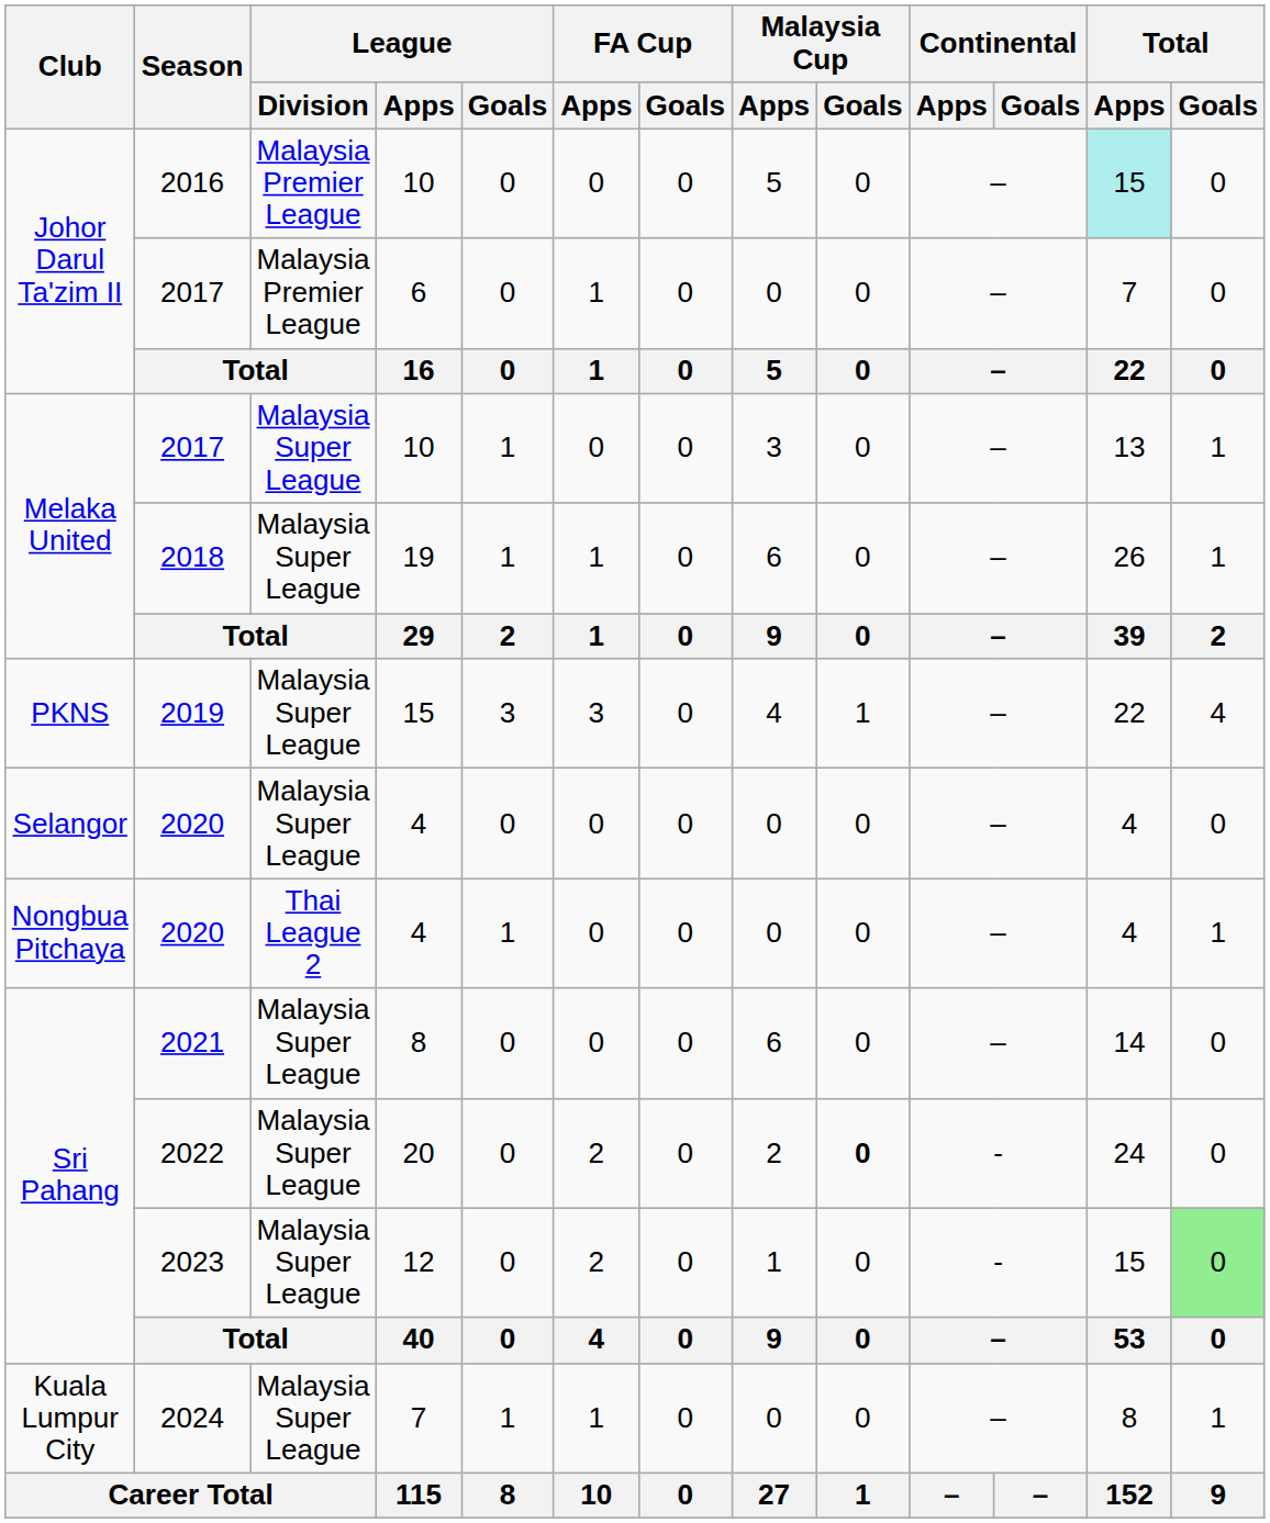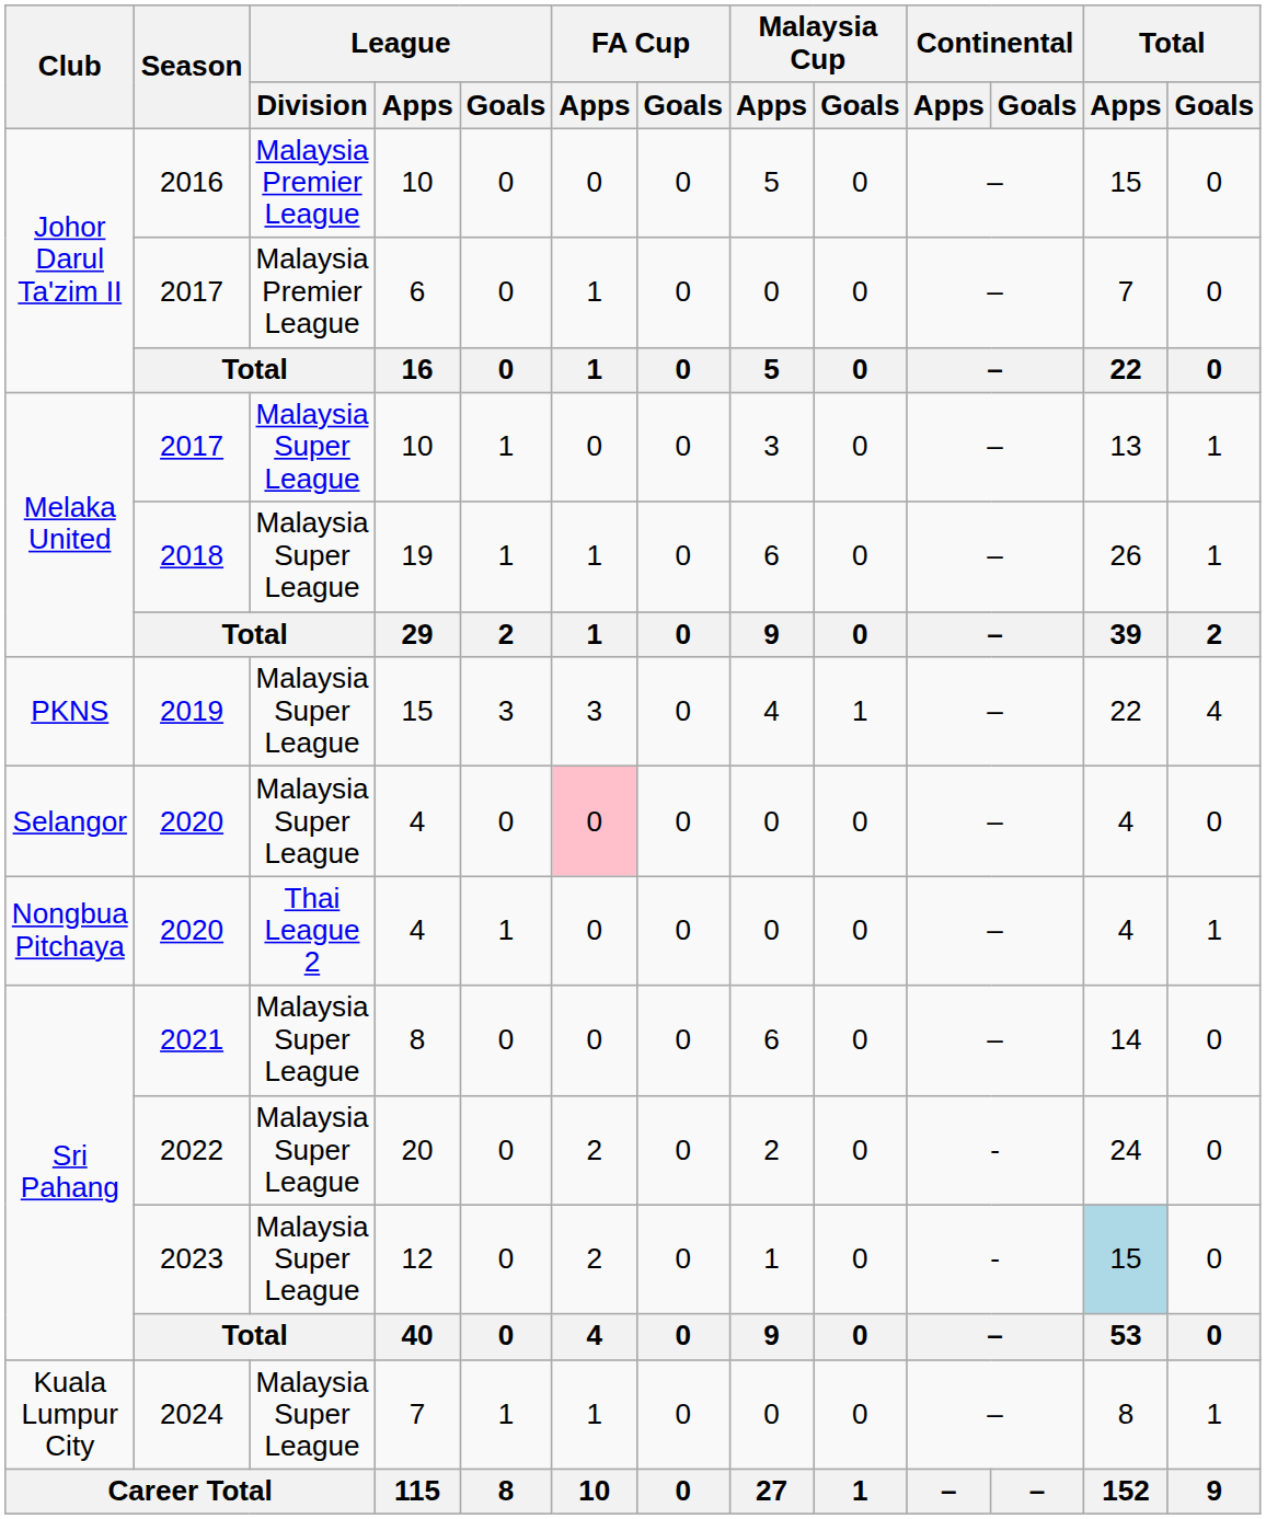 <table class=wikitable style="text-align:center">
 <tr>
 <th rowspan=2>Club</th>
 <th rowspan=2>Season</th>
 <th colspan=3>League</th>
 <th colspan=2>FA Cup</th>
 <th colspan=2>Malaysia Cup</th>
 <th colspan=2>Continental</th>
 <th colspan=2>Total</th>
 </tr>
 <tr>
 <th>Division</th>
 <th>Apps</th>
 <th>Goals</th>
 <th>Apps</th>
 <th>Goals</th>
 <th>Apps</th>
 <th>Goals</th>
 <th>Apps</th>
 <th>Goals</th>
 <th>Apps</th>
 <th>Goals</th>
 </tr>
 <tr>
 <td rowspan=3><a href='#'>Johor Darul Ta'zim II</a></td>
 <td>2016</td>
 <td><a href='#'>Malaysia Premier League</a></td>
 <td>10</td>
 <td>0</td>
 <td>0</td>
 <td>0</td>
 <td>5</td>
 <td>0</td>
 <td colspan=2>–</td>
-<td style="background: paleturquoise;">15</td>
+<td>15</td>
 <td>0</td>
 </tr>
 <tr>
 <td>2017</td>
 <td>Malaysia Premier League</td>
 <td>6</td>
 <td>0</td>
 <td>1</td>
 <td>0</td>
 <td>0</td>
 <td>0</td>
 <td colspan=2>–</td>
 <td>7</td>
 <td>0</td>
 </tr>
 <tr>
 <th colspan="2">Total</th>
 <th>16</th>
 <th>0</th>
 <th>1</th>
 <th>0</th>
 <th>5</th>
 <th>0</th>
 <th colspan=2>–</th>
 <th>22</th>
 <th>0</th>
 </tr>
 <tr>
 <td rowspan=3><a href='#'>Melaka United</a></td>
 <td><a href='#'>2017</a></td>
 <td><a href='#'>Malaysia Super League</a></td>
 <td>10</td>
 <td>1</td>
 <td>0</td>
 <td>0</td>
 <td>3</td>
 <td>0</td>
 <td colspan=2>–</td>
 <td>13</td>
 <td>1</td>
 </tr>
 <tr>
 <td><a href='#'>2018</a></td>
 <td>Malaysia Super League</td>
 <td>19</td>
 <td>1</td>
 <td>1</td>
 <td>0</td>
 <td>6</td>
 <td>0</td>
 <td colspan=2>–</td>
 <td>26</td>
 <td>1</td>
 </tr>
 <tr>
 <th colspan="2">Total</th>
 <th>29</th>
 <th>2</th>
 <th>1</th>
 <th>0</th>
 <th>9</th>
 <th>0</th>
 <th colspan=2>–</th>
 <th>39</th>
 <th>2</th>
 </tr>
 <tr>
 <td><a href='#'>PKNS</a></td>
 <td><a href='#'>2019</a></td>
 <td>Malaysia Super League</td>
 <td>15</td>
 <td>3</td>
 <td>3</td>
 <td>0</td>
 <td>4</td>
 <td>1</td>
 <td colspan=2>–</td>
 <td>22</td>
 <td>4</td>
 </tr>
 <tr>
 <td><a href='#'>Selangor</a></td>
 <td><a href='#'>2020</a></td>
 <td>Malaysia Super League</td>
 <td>4</td>
 <td>0</td>
-<td>0</td>
+<td style="background: pink;">0</td>
 <td>0</td>
 <td>0</td>
 <td>0</td>
 <td colspan=2>–</td>
 <td>4</td>
 <td>0</td>
 </tr>
 <tr>
 <td><a href='#'>Nongbua Pitchaya</a></td>
 <td><a href='#'>2020</a></td>
 <td><a href='#'>Thai League 2</a></td>
 <td>4</td>
 <td>1</td>
 <td>0</td>
 <td>0</td>
 <td>0</td>
 <td>0</td>
 <td colspan=2>–</td>
 <td>4</td>
 <td>1</td>
 </tr>
 <tr>
 <td rowspan="4"><a href='#'>Sri Pahang</a></td>
 <td><a href='#'>2021</a></td>
 <td>Malaysia Super League</td>
 <td>8</td>
 <td>0</td>
 <td>0</td>
 <td>0</td>
 <td>6</td>
 <td>0</td>
 <td colspan=2>–</td>
 <td>14</td>
 <td>0</td>
 </tr>
 <tr>
 <td>2022</td>
 <td>Malaysia Super League</td>
 <td>20</td>
 <td>0</td>
 <td>2</td>
 <td>0</td>
 <td>2</td>
-<td><strong>0</strong></td>
+<td>0</td>
 <td colspan="2">-</td>
 <td>24</td>
 <td>0</td>
 </tr>
 <tr>
 <td>2023</td>
 <td>Malaysia Super League</td>
 <td>12</td>
 <td>0</td>
 <td>2</td>
 <td>0</td>
 <td>1</td>
 <td>0</td>
 <td colspan="2">-</td>
-<td>15</td>
-<td style="background: lightgreen;">0</td>
+<td style="background: lightblue;">15</td>
+<td>0</td>
 </tr>
 <tr>
 <th colspan="2">Total</th>
 <th>40</th>
 <th>0</th>
 <th>4</th>
 <th>0</th>
 <th>9</th>
 <th>0</th>
 <th colspan="2">–</th>
 <th>53</th>
 <th>0</th>
 </tr>
 <tr>
 <td>Kuala Lumpur City</td>
 <td>2024</td>
 <td>Malaysia Super League</td>
 <td>7</td>
 <td>1</td>
 <td>1</td>
 <td>0</td>
 <td>0</td>
 <td>0</td>
 <td colspan="2">–</td>
 <td>8</td>
 <td>1</td>
 </tr>
 <tr>
 <th colspan="3">Career Total</th>
 <th>115</th>
 <th>8</th>
 <th>10</th>
 <th>0</th>
 <th>27</th>
 <th>1</th>
 <th>–</th>
 <th>–</th>
 <th>152</th>
 <th>9</th>
 </tr>
 </table>
